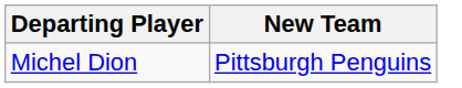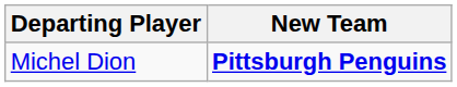 <table class="wikitable">
 <tr>
 <th>Departing Player</th>
 <th>New Team</th>
 </tr>
 <tr>
 <td><a href='#'>Michel Dion</a></td>
-<td><a href='#'>Pittsburgh Penguins</a></td>
+<td><strong><a href='#'>Pittsburgh Penguins</a></strong></td>
 </tr>
 </table>
